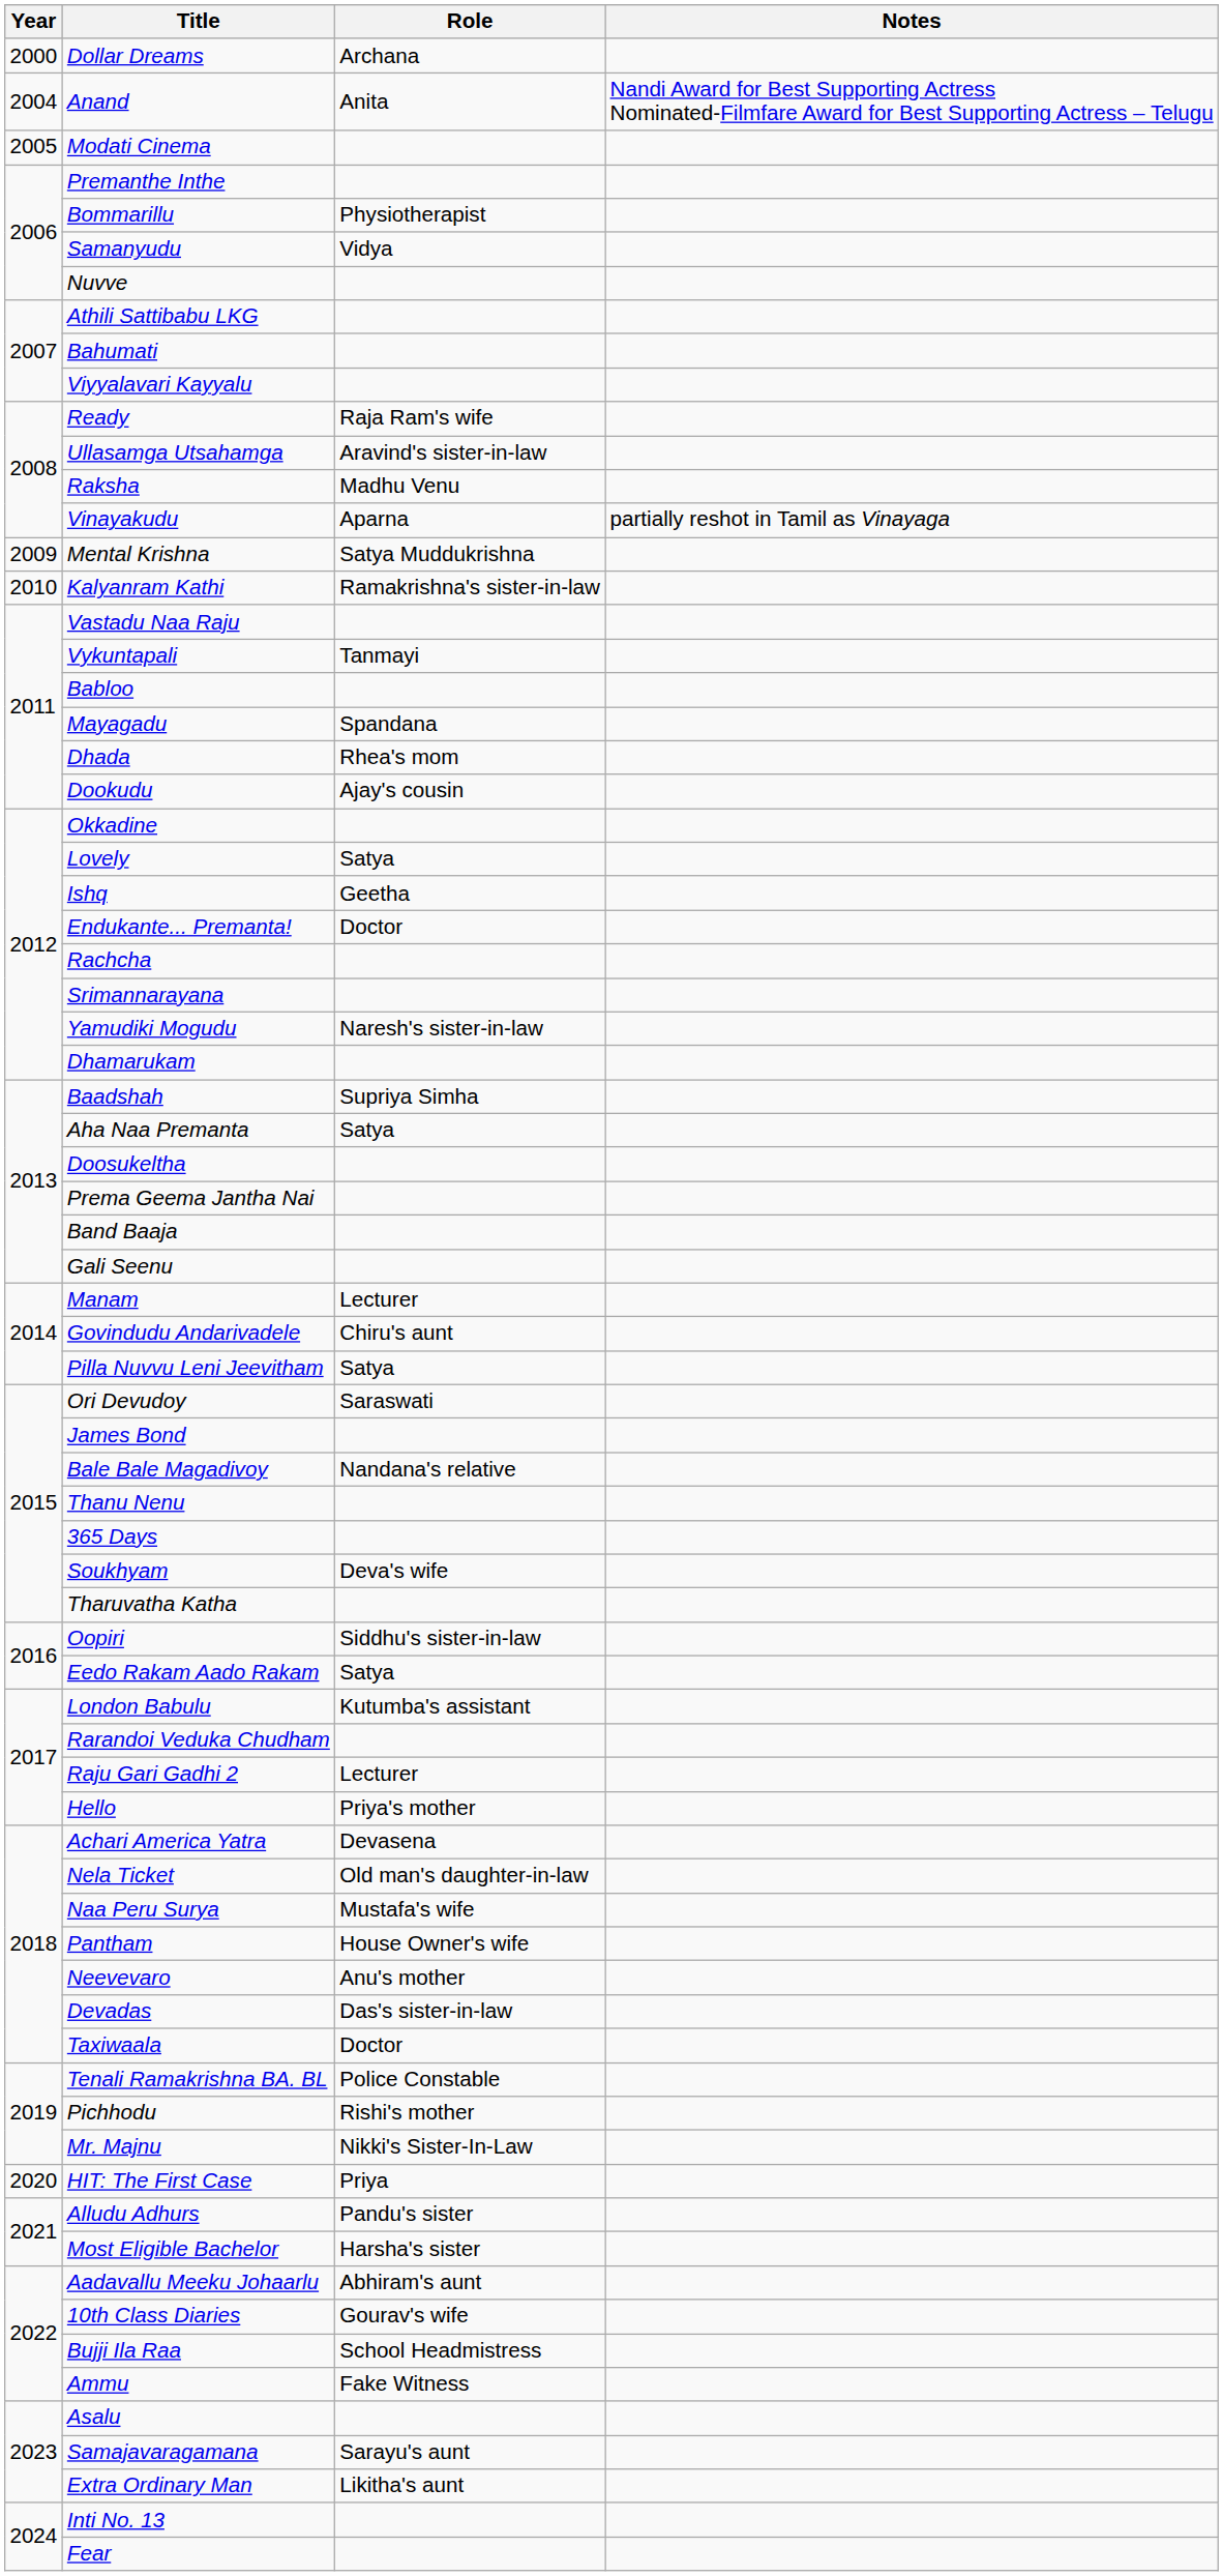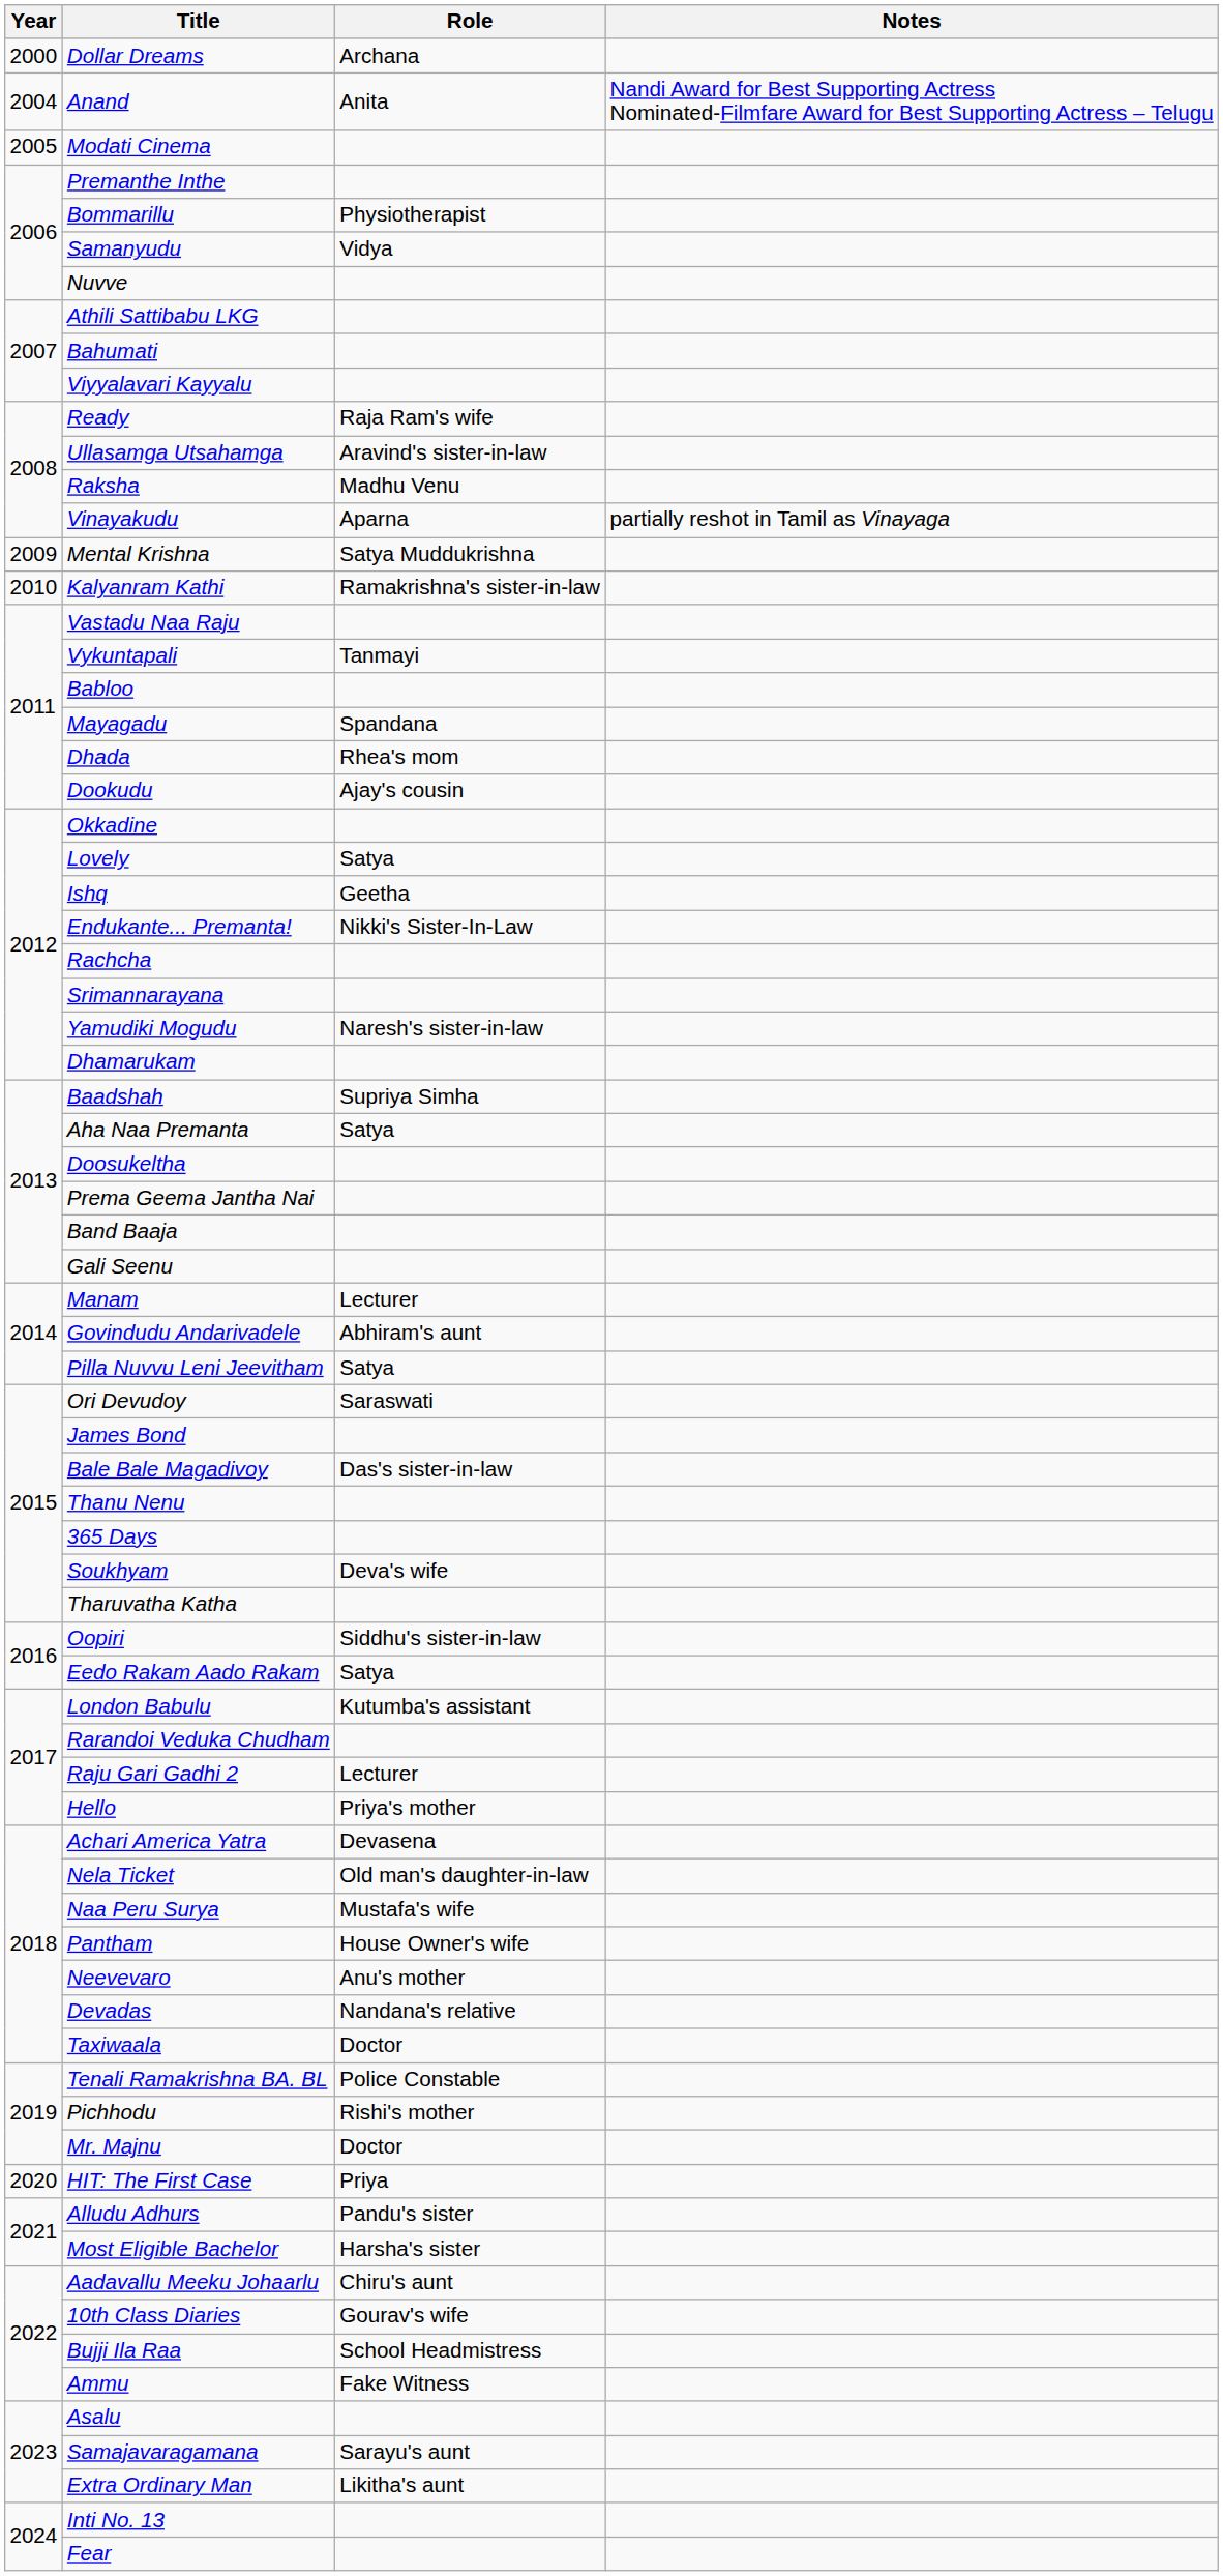 <table class="wikitable sortable">
 <tr style="background:#ccc; text-align:center;">
 <th>Year</th>
 <th>Title</th>
 <th>Role</th>
 <th>Notes</th>
 </tr>
 <tr>
 <td>2000</td>
 <td><em><a href='#'>Dollar Dreams</a></em></td>
 <td>Archana</td>
 <td></td>
 </tr>
 <tr>
 <td>2004</td>
 <td><em><a href='#'>Anand</a></em></td>
 <td>Anita</td>
 <td><a href='#'>Nandi Award for Best Supporting Actress</a> <br>Nominated-<a href='#'>Filmfare Award for Best Supporting Actress – Telugu</a></td>
 </tr>
 <tr>
 <td>2005</td>
 <td><em><a href='#'>Modati Cinema</a></em></td>
 <td></td>
 <td></td>
 </tr>
 <tr>
 <td rowspan="4">2006</td>
 <td><em><a href='#'>Premanthe Inthe</a></em></td>
 <td></td>
 <td></td>
 </tr>
 <tr>
 <td><em><a href='#'>Bommarillu</a></em></td>
 <td>Physiotherapist</td>
 <td></td>
 </tr>
 <tr>
 <td><em><a href='#'>Samanyudu</a></em></td>
 <td>Vidya</td>
 <td></td>
 </tr>
 <tr>
 <td><em>Nuvve</em></td>
 <td></td>
 <td></td>
 </tr>
 <tr>
 <td rowspan="3">2007</td>
 <td><em><a href='#'>Athili Sattibabu LKG</a></em></td>
 <td></td>
 <td></td>
 </tr>
 <tr>
 <td><em><a href='#'>Bahumati</a></em></td>
 <td></td>
 <td></td>
 </tr>
 <tr>
 <td><em><a href='#'>Viyyalavari Kayyalu</a></em></td>
 <td></td>
 <td></td>
 </tr>
 <tr>
 <td rowspan="4">2008</td>
 <td><em><a href='#'>Ready</a></em></td>
 <td>Raja Ram's wife</td>
 <td></td>
 </tr>
 <tr>
 <td><em><a href='#'>Ullasamga Utsahamga</a></em></td>
 <td>Aravind's sister-in-law</td>
 <td></td>
 </tr>
 <tr>
 <td><em><a href='#'>Raksha</a></em></td>
 <td>Madhu Venu</td>
 <td></td>
 </tr>
 <tr>
 <td><em><a href='#'>Vinayakudu</a></em></td>
 <td>Aparna</td>
 <td>partially reshot in Tamil as <em>Vinayaga</em></td>
 </tr>
 <tr>
 <td>2009</td>
 <td><em>Mental Krishna</em></td>
 <td>Satya Muddukrishna</td>
 <td></td>
 </tr>
 <tr>
 <td>2010</td>
 <td><em><a href='#'>Kalyanram Kathi</a></em></td>
 <td>Ramakrishna's sister-in-law</td>
 <td></td>
 </tr>
 <tr>
 <td rowspan="6">2011</td>
 <td><em><a href='#'>Vastadu Naa Raju</a></em></td>
 <td></td>
 <td></td>
 </tr>
 <tr>
 <td><em><a href='#'>Vykuntapali</a></em></td>
 <td>Tanmayi</td>
 <td></td>
 </tr>
 <tr>
 <td><em><a href='#'>Babloo</a></em></td>
 <td></td>
 <td></td>
 </tr>
 <tr>
 <td><em><a href='#'>Mayagadu</a></em></td>
 <td>Spandana</td>
 <td></td>
 </tr>
 <tr>
 <td><em><a href='#'>Dhada</a></em></td>
 <td>Rhea's mom</td>
 <td></td>
 </tr>
 <tr>
 <td><em><a href='#'>Dookudu</a></em></td>
 <td>Ajay's cousin</td>
 <td></td>
 </tr>
 <tr>
 <td rowspan="8">2012</td>
 <td><em><a href='#'>Okkadine</a></em></td>
 <td></td>
 <td></td>
 </tr>
 <tr>
 <td><em><a href='#'>Lovely</a></em></td>
 <td>Satya</td>
 <td></td>
 </tr>
 <tr>
 <td><em><a href='#'>Ishq</a></em></td>
 <td>Geetha</td>
 <td></td>
 </tr>
 <tr>
 <td><em><a href='#'>Endukante... Premanta!</a></em></td>
-<td>Doctor</td>
+<td>Nikki's Sister-In-Law</td>
 <td></td>
 </tr>
 <tr>
 <td><em><a href='#'>Rachcha</a></em></td>
 <td></td>
 <td></td>
 </tr>
 <tr>
 <td><em><a href='#'>Srimannarayana</a></em></td>
 <td></td>
 <td></td>
 </tr>
 <tr>
 <td><em><a href='#'>Yamudiki Mogudu</a></em></td>
 <td>Naresh's sister-in-law</td>
 <td></td>
 </tr>
 <tr>
 <td><em><a href='#'>Dhamarukam</a></em></td>
 <td></td>
 <td></td>
 </tr>
 <tr>
 <td rowspan="6">2013</td>
 <td><em><a href='#'>Baadshah</a></em></td>
 <td>Supriya Simha</td>
 <td></td>
 </tr>
 <tr>
 <td><em>Aha Naa Premanta</em></td>
 <td>Satya</td>
 <td></td>
 </tr>
 <tr>
 <td><em><a href='#'>Doosukeltha</a></em></td>
 <td></td>
 <td></td>
 </tr>
 <tr>
 <td><em>Prema Geema Jantha Nai</em></td>
 <td></td>
 <td></td>
 </tr>
 <tr>
 <td><em>Band Baaja</em></td>
 <td></td>
 <td></td>
 </tr>
 <tr>
 <td><em>Gali Seenu</em></td>
 <td></td>
 <td></td>
 </tr>
 <tr>
 <td rowspan="3">2014</td>
 <td><em><a href='#'>Manam</a></em></td>
 <td>Lecturer</td>
 <td></td>
 </tr>
 <tr>
 <td><em><a href='#'>Govindudu Andarivadele</a></em></td>
-<td>Chiru's aunt</td>
+<td>Abhiram's aunt</td>
 <td></td>
 </tr>
 <tr>
 <td><em><a href='#'>Pilla Nuvvu Leni Jeevitham</a></em></td>
 <td>Satya</td>
 <td></td>
 </tr>
 <tr>
 <td rowspan="7">2015</td>
 <td><em>Ori Devudoy</em></td>
 <td>Saraswati</td>
 <td></td>
 </tr>
 <tr>
 <td><em><a href='#'>James Bond</a></em></td>
 <td></td>
 <td></td>
 </tr>
 <tr>
 <td><em><a href='#'>Bale Bale Magadivoy</a></em></td>
-<td>Nandana's relative</td>
+<td>Das's sister-in-law</td>
 <td></td>
 </tr>
 <tr>
 <td><em><a href='#'>Thanu Nenu</a></em></td>
 <td></td>
 <td></td>
 </tr>
 <tr>
 <td><a href='#'><em>365 Days</em></a></td>
 <td></td>
 <td></td>
 </tr>
 <tr>
 <td><em><a href='#'>Soukhyam</a></em></td>
 <td>Deva's wife</td>
 <td></td>
 </tr>
 <tr>
 <td><em>Tharuvatha Katha</em></td>
 <td></td>
 <td></td>
 </tr>
 <tr>
 <td rowspan="2">2016</td>
 <td><em><a href='#'>Oopiri</a></em></td>
 <td>Siddhu's sister-in-law</td>
 <td></td>
 </tr>
 <tr>
 <td><em><a href='#'>Eedo Rakam Aado Rakam</a></em></td>
 <td>Satya</td>
 <td></td>
 </tr>
 <tr>
 <td rowspan="4">2017</td>
 <td><em><a href='#'>London Babulu</a></em></td>
 <td>Kutumba's assistant</td>
 <td></td>
 </tr>
 <tr>
 <td><em><a href='#'>Rarandoi Veduka Chudham</a></em></td>
 <td></td>
 <td></td>
 </tr>
 <tr>
 <td><em><a href='#'>Raju Gari Gadhi 2</a></em></td>
 <td>Lecturer</td>
 <td></td>
 </tr>
 <tr>
 <td><em><a href='#'>Hello</a></em></td>
 <td>Priya's mother</td>
 <td></td>
 </tr>
 <tr>
 <td rowspan="7">2018</td>
 <td><em><a href='#'>Achari America Yatra</a></em></td>
 <td>Devasena</td>
 <td></td>
 </tr>
 <tr>
 <td><em><a href='#'>Nela Ticket</a></em></td>
 <td>Old man's daughter-in-law</td>
 <td></td>
 </tr>
 <tr>
 <td><em><a href='#'>Naa Peru Surya</a></em></td>
 <td>Mustafa's wife</td>
 <td></td>
 </tr>
 <tr>
 <td><em><a href='#'>Pantham</a></em></td>
 <td>House Owner's wife</td>
 <td></td>
 </tr>
 <tr>
 <td><em><a href='#'>Neevevaro</a></em></td>
 <td>Anu's mother</td>
 <td></td>
 </tr>
 <tr>
 <td><em><a href='#'>Devadas</a></em></td>
-<td>Das's sister-in-law</td>
+<td>Nandana's relative</td>
 <td></td>
 </tr>
 <tr>
 <td><em><a href='#'>Taxiwaala</a></em></td>
 <td>Doctor</td>
 <td></td>
 </tr>
 <tr>
 <td rowspan="3">2019</td>
 <td><em><a href='#'>Tenali Ramakrishna BA. BL</a></em></td>
 <td>Police Constable</td>
 <td></td>
 </tr>
 <tr>
 <td><em>Pichhodu</em></td>
 <td>Rishi's mother</td>
 <td></td>
 </tr>
 <tr>
 <td><em><a href='#'>Mr. Majnu</a></em></td>
-<td>Nikki's Sister-In-Law</td>
+<td>Doctor</td>
 <td></td>
 </tr>
 <tr>
 <td>2020</td>
 <td><em><a href='#'>HIT: The First Case</a></em></td>
 <td>Priya</td>
 <td></td>
 </tr>
 <tr>
 <td rowspan="2">2021</td>
 <td><em><a href='#'>Alludu Adhurs</a></em></td>
 <td>Pandu's sister</td>
 <td></td>
 </tr>
 <tr>
 <td><em><a href='#'>Most Eligible Bachelor</a></em></td>
 <td>Harsha's sister</td>
 <td></td>
 </tr>
 <tr>
 <td rowspan="4">2022</td>
 <td><a href='#'><em>Aadavallu Meeku Johaarlu</em></a></td>
-<td>Abhiram's aunt</td>
+<td>Chiru's aunt</td>
 <td></td>
 </tr>
 <tr>
 <td><em><a href='#'>10th Class Diaries</a></em></td>
 <td>Gourav's wife</td>
 <td></td>
 </tr>
 <tr>
 <td><em><a href='#'>Bujji Ila Raa</a></em></td>
 <td>School Headmistress</td>
 <td></td>
 </tr>
 <tr>
 <td><em><a href='#'>Ammu</a></em></td>
 <td>Fake Witness</td>
 <td></td>
 </tr>
 <tr>
 <td rowspan="3">2023</td>
 <td><em><a href='#'>Asalu</a></em></td>
 <td></td>
 <td></td>
 </tr>
 <tr>
 <td><em><a href='#'>Samajavaragamana</a></em></td>
 <td>Sarayu's aunt</td>
 <td></td>
 </tr>
 <tr>
 <td><em><a href='#'>Extra Ordinary Man</a></em></td>
 <td>Likitha's aunt</td>
 <td></td>
 </tr>
 <tr>
 <td rowspan="2">2024</td>
 <td><em><a href='#'>Inti No. 13</a></em></td>
 <td></td>
 <td></td>
 </tr>
 <tr>
 <td><a href='#'><em>Fear</em></a></td>
 <td></td>
 <td></td>
 </tr>
 </table>
